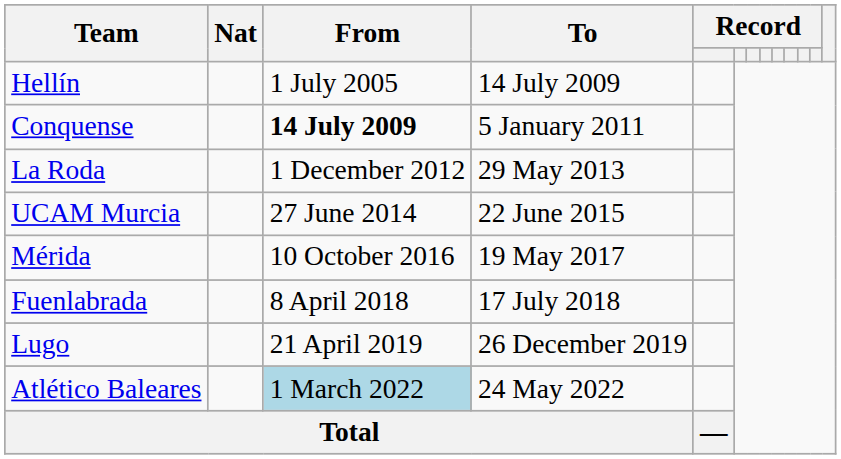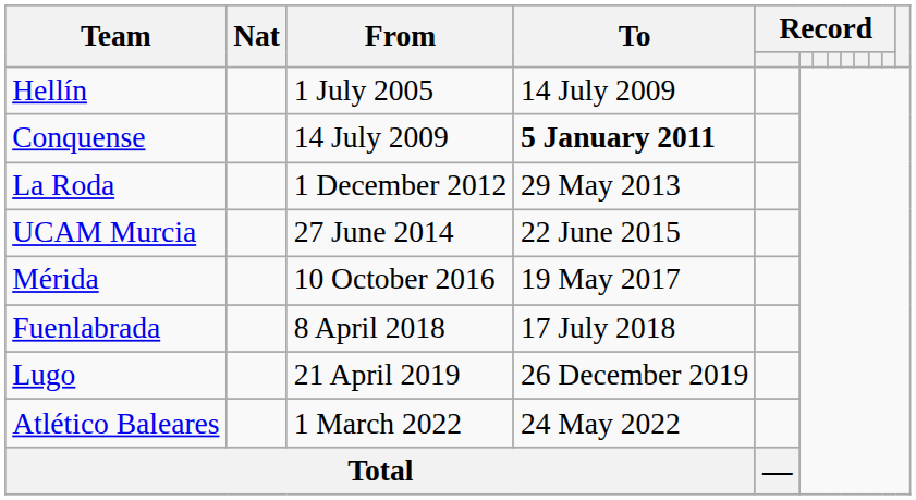 <table class="wikitable" style="text-align: center">
 <tr>
 <th rowspan="2">Team</th>
 <th rowspan="2">Nat</th>
 <th rowspan="2">From</th>
 <th rowspan="2">To</th>
 <th colspan="8">Record</th>
 <th rowspan=2></th>
 </tr>
 <tr>
 <th></th>
 <th></th>
 <th></th>
 <th></th>
 <th></th>
 <th></th>
 <th></th>
 <th></th>
 </tr>
 <tr>
 <td align=left><a href='#'>Hellín</a></td>
 <td></td>
 <td align=left>1 July 2005</td>
 <td align=left>14 July 2009<br></td>
 <td></td>
 </tr>
 <tr>
 <td align=left><a href='#'>Conquense</a></td>
 <td></td>
-<td align=left><strong>14 July 2009</strong></td>
-<td align=left>5 January 2011<br></td>
+<td align=left>14 July 2009</td>
+<td align=left><strong>5 January 2011<br></strong></td>
 <td></td>
 </tr>
 <tr>
 <td align=left><a href='#'>La Roda</a></td>
 <td></td>
 <td align=left>1 December 2012</td>
 <td align=left>29 May 2013<br></td>
 <td></td>
 </tr>
 <tr>
 <td align=left><a href='#'>UCAM Murcia</a></td>
 <td></td>
 <td align=left>27 June 2014</td>
 <td align=left>22 June 2015<br></td>
 <td></td>
 </tr>
 <tr>
 <td align=left><a href='#'>Mérida</a></td>
 <td></td>
 <td align=left>10 October 2016</td>
 <td align=left>19 May 2017<br></td>
 <td></td>
 </tr>
 <tr>
 <td align=left><a href='#'>Fuenlabrada</a></td>
 <td></td>
 <td align=left>8 April 2018</td>
 <td align=left>17 July 2018<br></td>
 <td></td>
 </tr>
 <tr>
 <td align=left><a href='#'>Lugo</a></td>
 <td></td>
 <td align=left>21 April 2019</td>
 <td align=left>26 December 2019<br></td>
 <td></td>
 </tr>
 <tr>
 <td align=left><a href='#'>Atlético Baleares</a></td>
 <td></td>
-<td align=left style="background: lightblue;">1 March 2022</td>
+<td align=left>1 March 2022</td>
 <td align=left>24 May 2022<br></td>
 <td></td>
 </tr>
 <tr>
 <th colspan="4">Total<br></th>
 <th>—</th>
 </tr>
 </table>
